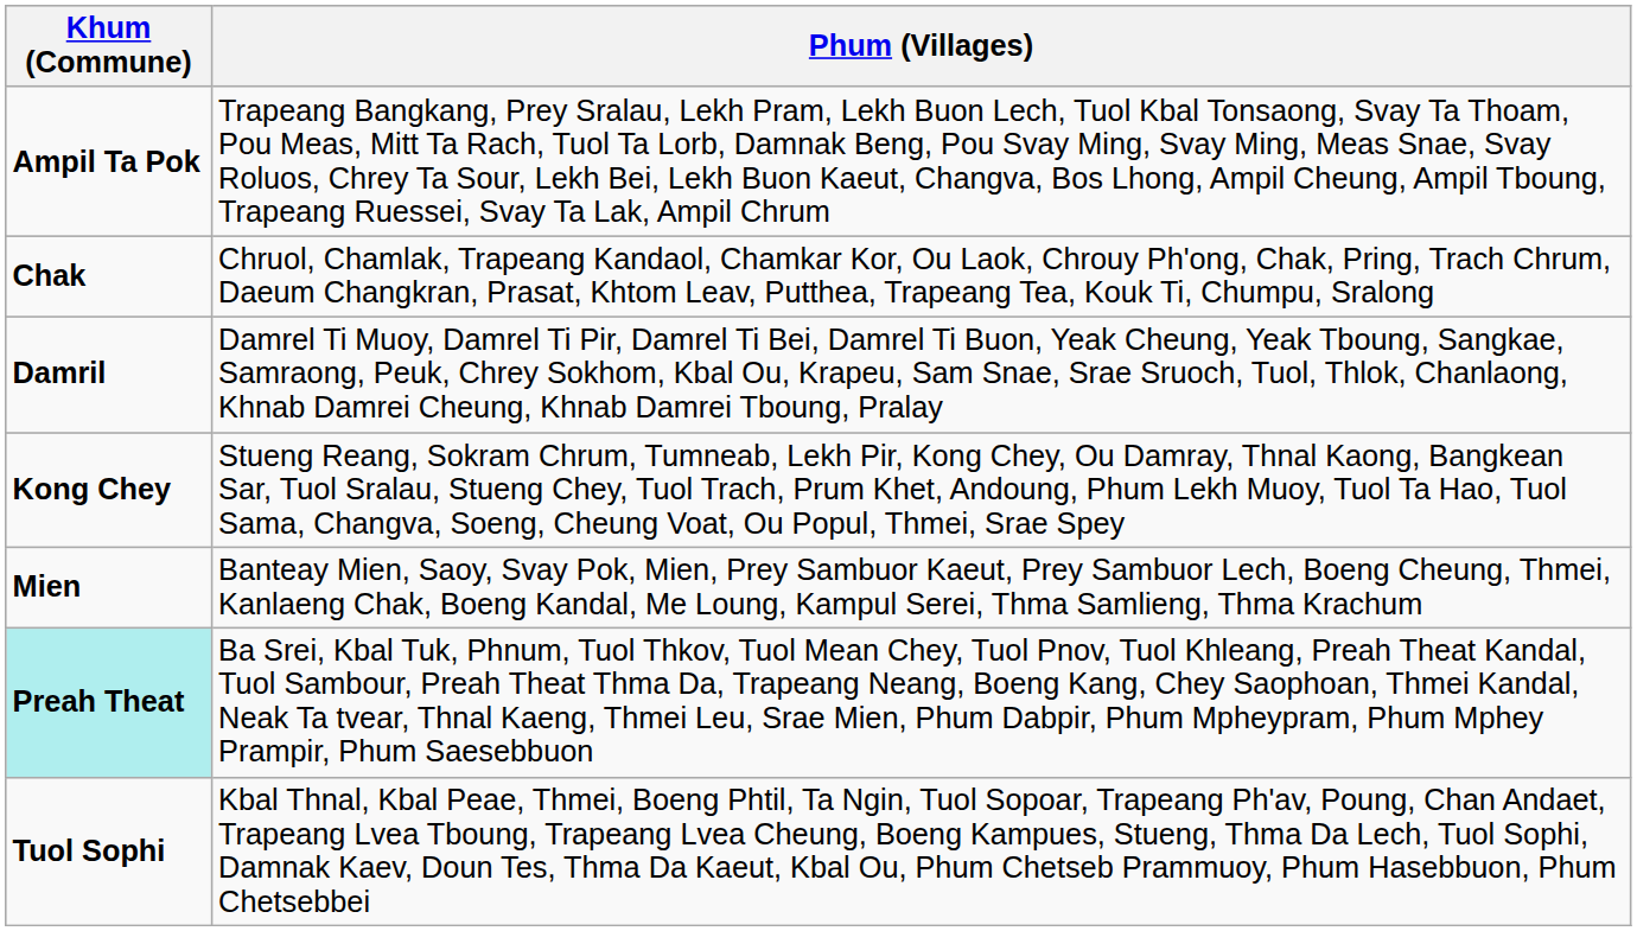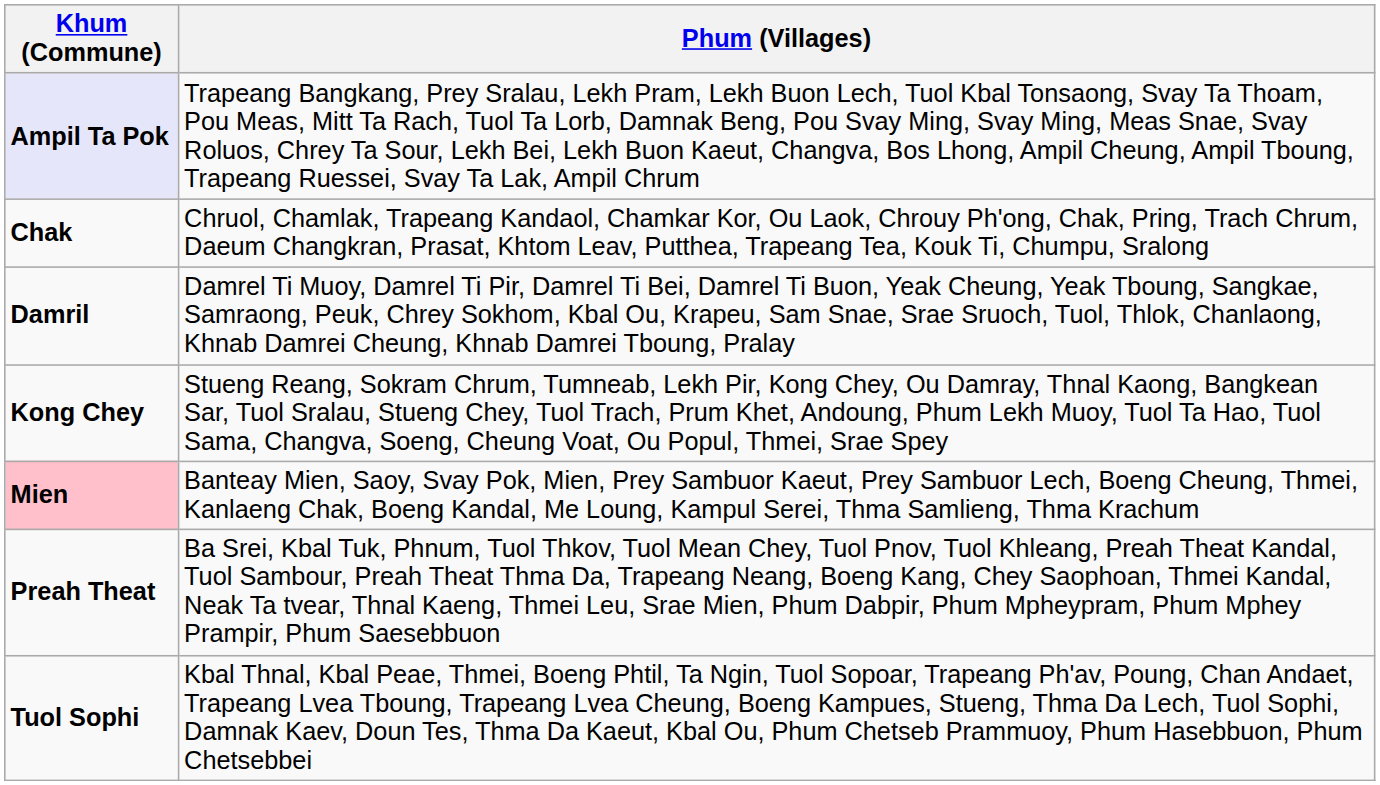 <table class="wikitable">
 <tr>
 <th><a href='#'>Khum</a> (Commune)</th>
 <th><a href='#'>Phum</a> (Villages)</th>
 </tr>
 <tr>
-<td><strong>Ampil Ta Pok</strong></td>
+<td style="background: lavender;"><strong>Ampil Ta Pok</strong></td>
 <td>Trapeang Bangkang, Prey Sralau, Lekh Pram, Lekh Buon Lech, Tuol Kbal Tonsaong, Svay Ta Thoam, Pou Meas, Mitt Ta Rach, Tuol Ta Lorb, Damnak Beng, Pou Svay Ming, Svay Ming, Meas Snae, Svay Roluos, Chrey Ta Sour, Lekh Bei, Lekh Buon Kaeut, Changva, Bos Lhong, Ampil Cheung, Ampil Tboung, Trapeang Ruessei, Svay Ta Lak, Ampil Chrum</td>
 </tr>
 <tr>
 <td><strong>Chak</strong></td>
 <td>Chruol, Chamlak, Trapeang Kandaol, Chamkar Kor, Ou Laok, Chrouy Ph'ong, Chak, Pring, Trach Chrum, Daeum Changkran, Prasat, Khtom Leav, Putthea, Trapeang Tea, Kouk Ti, Chumpu, Sralong</td>
 </tr>
 <tr>
 <td><strong>Damril</strong></td>
 <td>Damrel Ti Muoy, Damrel Ti Pir, Damrel Ti Bei, Damrel Ti Buon, Yeak Cheung, Yeak Tboung, Sangkae, Samraong, Peuk, Chrey Sokhom, Kbal Ou, Krapeu, Sam Snae, Srae Sruoch, Tuol, Thlok, Chanlaong, Khnab Damrei Cheung, Khnab Damrei Tboung, Pralay</td>
 </tr>
 <tr>
 <td><strong>Kong Chey</strong></td>
 <td>Stueng Reang, Sokram Chrum, Tumneab, Lekh Pir, Kong Chey, Ou Damray, Thnal Kaong, Bangkean Sar, Tuol Sralau, Stueng Chey, Tuol Trach, Prum Khet, Andoung, Phum Lekh Muoy, Tuol Ta Hao, Tuol Sama, Changva, Soeng, Cheung Voat, Ou Popul, Thmei, Srae Spey</td>
 </tr>
 <tr>
-<td><strong>Mien</strong></td>
+<td style="background: pink;"><strong>Mien</strong></td>
 <td>Banteay Mien, Saoy, Svay Pok, Mien, Prey Sambuor Kaeut, Prey Sambuor Lech, Boeng Cheung, Thmei, Kanlaeng Chak, Boeng Kandal, Me Loung, Kampul Serei, Thma Samlieng, Thma Krachum</td>
 </tr>
 <tr>
-<td style="background: paleturquoise;"><strong>Preah Theat</strong></td>
+<td><strong>Preah Theat</strong></td>
 <td>Ba Srei, Kbal Tuk, Phnum, Tuol Thkov, Tuol Mean Chey, Tuol Pnov, Tuol Khleang, Preah Theat Kandal, Tuol Sambour, Preah Theat Thma Da, Trapeang Neang, Boeng Kang, Chey Saophoan, Thmei Kandal, Neak Ta tvear, Thnal Kaeng, Thmei Leu, Srae Mien, Phum Dabpir, Phum Mpheypram, Phum Mphey Prampir, Phum Saesebbuon</td>
 </tr>
 <tr>
 <td><strong>Tuol Sophi</strong></td>
 <td>Kbal Thnal, Kbal Peae, Thmei, Boeng Phtil, Ta Ngin, Tuol Sopoar, Trapeang Ph'av, Poung, Chan Andaet, Trapeang Lvea Tboung, Trapeang Lvea Cheung, Boeng Kampues, Stueng, Thma Da Lech, Tuol Sophi, Damnak Kaev, Doun Tes, Thma Da Kaeut, Kbal Ou, Phum Chetseb Prammuoy, Phum Hasebbuon, Phum Chetsebbei</td>
 </tr>
 <tr>
 </tr>
 </table>
